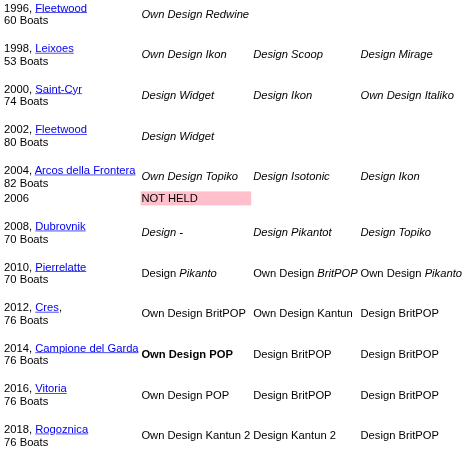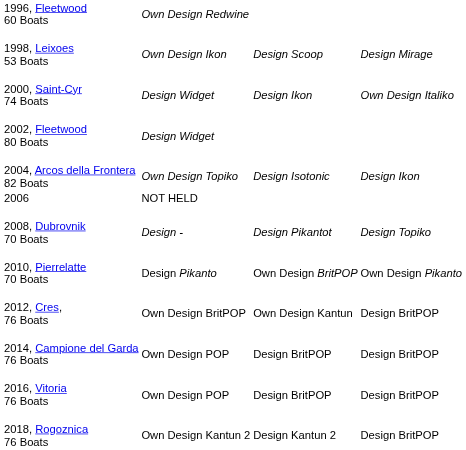 <table>
 <tr>
 <td><br> 1996, <a href='#'>Fleetwood</a><br>60 Boats</td>
 <td><br><em>Own Design Redwine</em></td>
 <td></td>
 <td></td>
 </tr>
 <tr>
 <td><br> 1998, <a href='#'>Leixoes</a><br>53 Boats</td>
 <td> <br><em>Own Design Ikon</em></td>
 <td> <br><em>Design Scoop</em></td>
 <td> <br><em>Design Mirage</em></td>
 </tr>
 <tr>
 <td><br> 2000, <a href='#'>Saint-Cyr</a><br>74 Boats</td>
 <td> <br><em>Design Widget</em></td>
 <td> <br><em>Design Ikon</em></td>
 <td> <br><em>Own Design Italiko</em></td>
 </tr>
 <tr>
 <td><br> 2002, <a href='#'>Fleetwood</a><br>80 Boats</td>
 <td> <br><em>Design Widget</em></td>
 <td></td>
 <td></td>
 </tr>
 <tr>
 <td><br> 2004, <a href='#'>Arcos della Frontera</a><br>82 Boats</td>
 <td> <br><em>Own Design Topiko</em></td>
 <td> <br><em>Design Isotonic</em></td>
 <td> <br><em>Design Ikon</em></td>
 </tr>
 <tr>
 <td>2006</td>
-<td style="background: pink;">NOT HELD</td>
+<td>NOT HELD</td>
 <td></td>
 <td></td>
 </tr>
 <tr>
 <td><br> 2008, <a href='#'>Dubrovnik</a><br>70 Boats</td>
 <td> <br><em>Design -</em></td>
 <td> <br><em>Design Pikantot</em></td>
 <td> <br><em>Design Topiko</em></td>
 </tr>
 <tr>
 <td><br> 2010, <a href='#'>Pierrelatte</a><br>70 Boats</td>
 <td> <br>Design <em>Pikanto</em></td>
 <td> <br>Own Design <em>BritPOP</em></td>
 <td> <br>Own Design <em>Pikanto<strong></td>
 </tr>
 <tr>
 <td><br> 2012, <a href='#'>Cres</a>, <br>76 Boats</td>
 <td> <br>Own Design </em>BritPOP<em></td>
 <td> <br>Own Design </em>Kantun<em></td>
 <td> <br>Design </em>BritPOP<em></td>
 </tr>
 <tr>
 <td><br> 2014, <a href='#'>Campione del Garda</a><br>76 Boats</td>
-<td><strong> <br>Own Design </em>POP<em></strong></td>
+<td> <br>Own Design </em>POP<em></td>
 <td> <br>Design </em>BritPOP<em></td>
 <td> <br>Design </em>BritPOP<em></td>
 </tr>
 <tr>
 <td><br> 2016, <a href='#'>Vitoria</a><br>76 Boats</td>
 <td> <br>Own Design </em>POP<em></td>
 <td> <br>Design </em>BritPOP<em></td>
 <td> <br>Design </em>BritPOP<em></td>
 </tr>
 <tr>
 <td><br> 2018, <a href='#'>Rogoznica</a><br>76 Boats</td>
 <td> <br>Own Design </em>Kantun 2<em></td>
 <td> <br>Design </em>Kantun 2<em></td>
 <td> <br>Design </em>BritPOP<em></td>
 </tr>
 <tr>
 </tr>
 </table>
